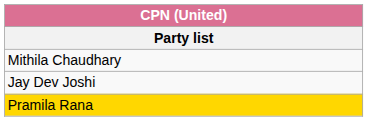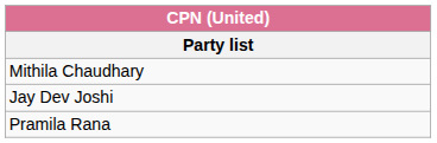 <table class="wikitable mw-collapsible mw-collapsed" role="presentation">
 <tr>
 <th style="width: 300pt; background:palevioletred; color: white;">CPN (United)</th>
 </tr>
 <tr>
 <th>Party list</th>
 </tr>
 <tr>
 <td>Mithila Chaudhary</td>
 </tr>
 <tr>
 <td>Jay Dev Joshi</td>
 </tr>
 <tr>
-<td style="background: gold;">Pramila Rana</td>
+<td>Pramila Rana</td>
 </tr>
 </table>
